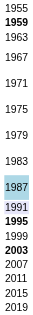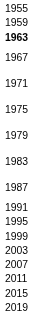 <table>
 <tr>
 <td>1955</td>
 <td></td>
 <td></td>
 <td></td>
 </tr>
 <tr>
-<td><strong>1959</strong></td>
+<td>1959</td>
 <td></td>
 <td></td>
 <td></td>
 </tr>
 <tr>
-<td>1963</td>
+<td><strong>1963</strong></td>
 <td></td>
 <td></td>
 <td></td>
 </tr>
 <tr>
 <td>1967</td>
 <td></td>
 <td></td>
 <td><br><br></td>
 </tr>
 <tr>
 <td>1971</td>
 <td></td>
 <td></td>
 <td><br><br></td>
 </tr>
 <tr>
 <td>1975</td>
 <td></td>
 <td></td>
 <td><br><br></td>
 </tr>
 <tr>
 <td>1979</td>
 <td></td>
 <td></td>
 <td><br><br></td>
 </tr>
 <tr>
 <td>1983</td>
 <td></td>
 <td></td>
 <td><br><br></td>
 </tr>
 <tr>
-<td style="background: lightblue;">1987</td>
+<td>1987</td>
 <td></td>
 <td></td>
 <td><br><br></td>
 </tr>
 <tr>
-<td style="background: lavender;">1991</td>
+<td>1991</td>
 <td></td>
 <td></td>
 <td><br></td>
 </tr>
 <tr>
-<td><strong>1995</strong></td>
+<td>1995</td>
 <td></td>
 <td></td>
 <td><br></td>
 </tr>
 <tr>
 <td>1999</td>
 <td></td>
 <td></td>
 <td><br></td>
 </tr>
 <tr>
-<td><strong>2003</strong></td>
+<td>2003</td>
 <td></td>
 <td></td>
 <td><br></td>
 </tr>
 <tr>
 <td>2007</td>
 <td></td>
 <td></td>
 <td><br></td>
 </tr>
 <tr>
 <td rowspan=2>2011<br></td>
 <td rowspan=2></td>
 <td rowspan=2></td>
 <td></td>
 </tr>
 <tr>
 <td></td>
 </tr>
 <tr>
 <td rowspan=2>2015<br></td>
 <td rowspan=2></td>
 <td rowspan=2></td>
 <td></td>
 </tr>
 <tr>
 <td></td>
 </tr>
 <tr>
 <td rowspan=2>2019<br></td>
 <td rowspan=2></td>
 <td rowspan=2></td>
 <td></td>
 </tr>
 <tr>
 <td></td>
 </tr>
 </table>
